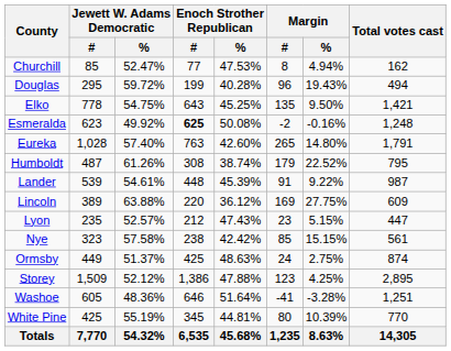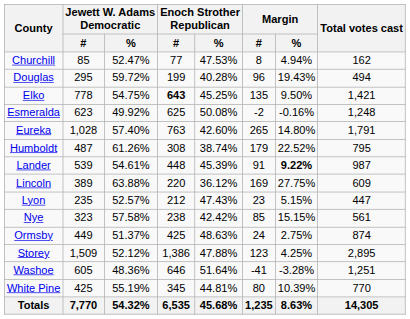 <table class="wikitable sortable" style="text-align:center">
 <tr>
 <th rowspan="2">County</th>
 <th style="text-align:center;" colspan="2">Jewett W. Adams<br>Democratic</th>
 <th style="text-align:center;" colspan="2">Enoch Strother<br>Republican</th>
 <th style="text-align:center;" colspan="2">Margin</th>
 <th style="text-align:center;" rowspan="2">Total votes cast</th>
 </tr>
 <tr>
 <th style="text-align:center;" data-sort-type="number">#</th>
 <th style="text-align:center;" data-sort-type="number">%</th>
 <th style="text-align:center;" data-sort-type="number">#</th>
 <th style="text-align:center;" data-sort-type="number">%</th>
 <th style="text-align:center;" data-sort-type="number">#</th>
 <th style="text-align:center;" data-sort-type="number">%</th>
 </tr>
 <tr style="text-align:center;">
 <td><a href='#'>Churchill</a></td>
 <td>85</td>
 <td>52.47%</td>
 <td>77</td>
 <td>47.53%</td>
 <td>8</td>
 <td>4.94%</td>
 <td>162</td>
 </tr>
 <tr style="text-align:center;">
 <td><a href='#'>Douglas</a></td>
 <td>295</td>
 <td>59.72%</td>
 <td>199</td>
 <td>40.28%</td>
 <td>96</td>
 <td>19.43%</td>
 <td>494</td>
 </tr>
 <tr style="text-align:center;">
 <td><a href='#'>Elko</a></td>
 <td>778</td>
 <td>54.75%</td>
-<td>643</td>
+<td><strong>643</strong></td>
 <td>45.25%</td>
 <td>135</td>
 <td>9.50%</td>
 <td>1,421</td>
 </tr>
 <tr style="text-align:center;">
 <td><a href='#'>Esmeralda</a></td>
 <td>623</td>
 <td>49.92%</td>
-<td><strong>625</strong></td>
+<td>625</td>
 <td>50.08%</td>
 <td>-2</td>
 <td>-0.16%</td>
 <td>1,248</td>
 </tr>
 <tr style="text-align:center;">
 <td><a href='#'>Eureka</a></td>
 <td>1,028</td>
 <td>57.40%</td>
 <td>763</td>
 <td>42.60%</td>
 <td>265</td>
 <td>14.80%</td>
 <td>1,791</td>
 </tr>
 <tr style="text-align:center;">
 <td><a href='#'>Humboldt</a></td>
 <td>487</td>
 <td>61.26%</td>
 <td>308</td>
 <td>38.74%</td>
 <td>179</td>
 <td>22.52%</td>
 <td>795</td>
 </tr>
 <tr style="text-align:center;">
 <td><a href='#'>Lander</a></td>
 <td>539</td>
 <td>54.61%</td>
 <td>448</td>
 <td>45.39%</td>
 <td>91</td>
-<td>9.22%</td>
+<td><strong>9.22%</strong></td>
 <td>987</td>
 </tr>
 <tr style="text-align:center;">
 <td><a href='#'>Lincoln</a></td>
 <td>389</td>
 <td>63.88%</td>
 <td>220</td>
 <td>36.12%</td>
 <td>169</td>
 <td>27.75%</td>
 <td>609</td>
 </tr>
 <tr style="text-align:center;">
 <td><a href='#'>Lyon</a></td>
 <td>235</td>
 <td>52.57%</td>
 <td>212</td>
 <td>47.43%</td>
 <td>23</td>
 <td>5.15%</td>
 <td>447</td>
 </tr>
 <tr style="text-align:center;">
 <td><a href='#'>Nye</a></td>
 <td>323</td>
 <td>57.58%</td>
 <td>238</td>
 <td>42.42%</td>
 <td>85</td>
 <td>15.15%</td>
 <td>561</td>
 </tr>
 <tr style="text-align:center;">
 <td><a href='#'>Ormsby</a></td>
 <td>449</td>
 <td>51.37%</td>
 <td>425</td>
 <td>48.63%</td>
 <td>24</td>
 <td>2.75%</td>
 <td>874</td>
 </tr>
 <tr style="text-align:center;">
 <td><a href='#'>Storey</a></td>
 <td>1,509</td>
 <td>52.12%</td>
 <td>1,386</td>
 <td>47.88%</td>
 <td>123</td>
 <td>4.25%</td>
 <td>2,895</td>
 </tr>
 <tr style="text-align:center;">
 <td><a href='#'>Washoe</a></td>
 <td>605</td>
 <td>48.36%</td>
 <td>646</td>
 <td>51.64%</td>
 <td>-41</td>
 <td>-3.28%</td>
 <td>1,251</td>
 </tr>
 <tr style="text-align:center;">
 <td><a href='#'>White Pine</a></td>
 <td>425</td>
 <td>55.19%</td>
 <td>345</td>
 <td>44.81%</td>
 <td>80</td>
 <td>10.39%</td>
 <td>770</td>
 </tr>
 <tr style="text-align:center;">
 <th>Totals</th>
 <th>7,770</th>
 <th>54.32%</th>
 <th>6,535</th>
 <th>45.68%</th>
 <th>1,235</th>
 <th>8.63%</th>
 <th>14,305</th>
 </tr>
 </table>
